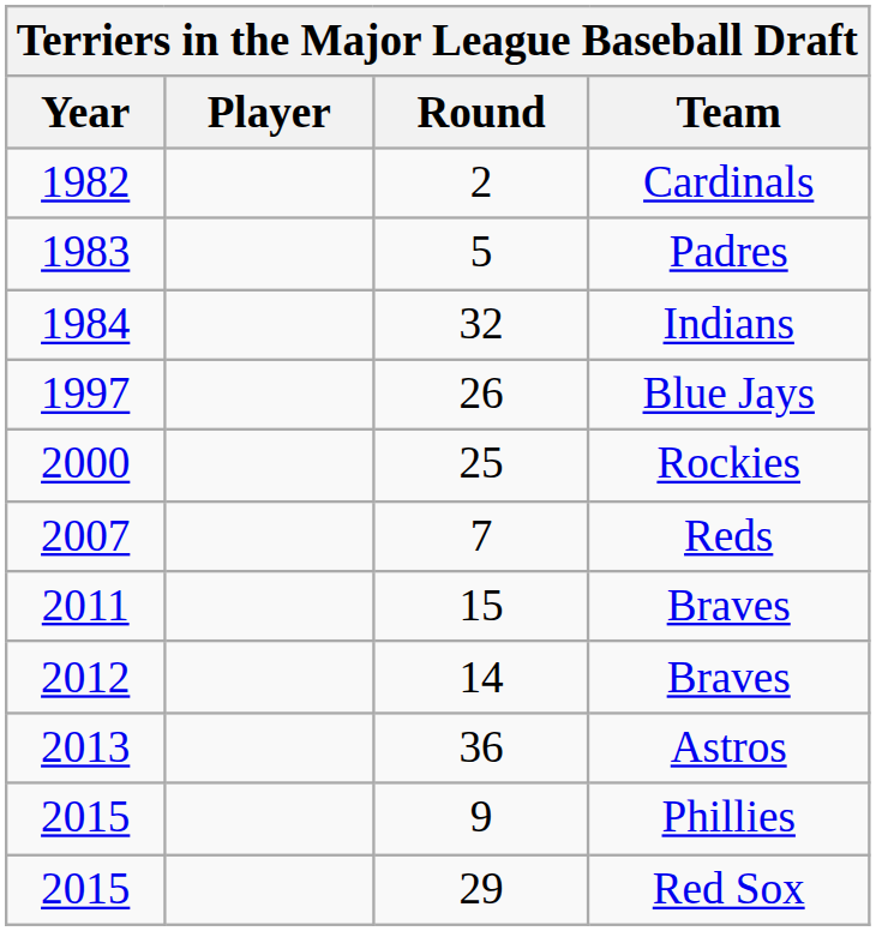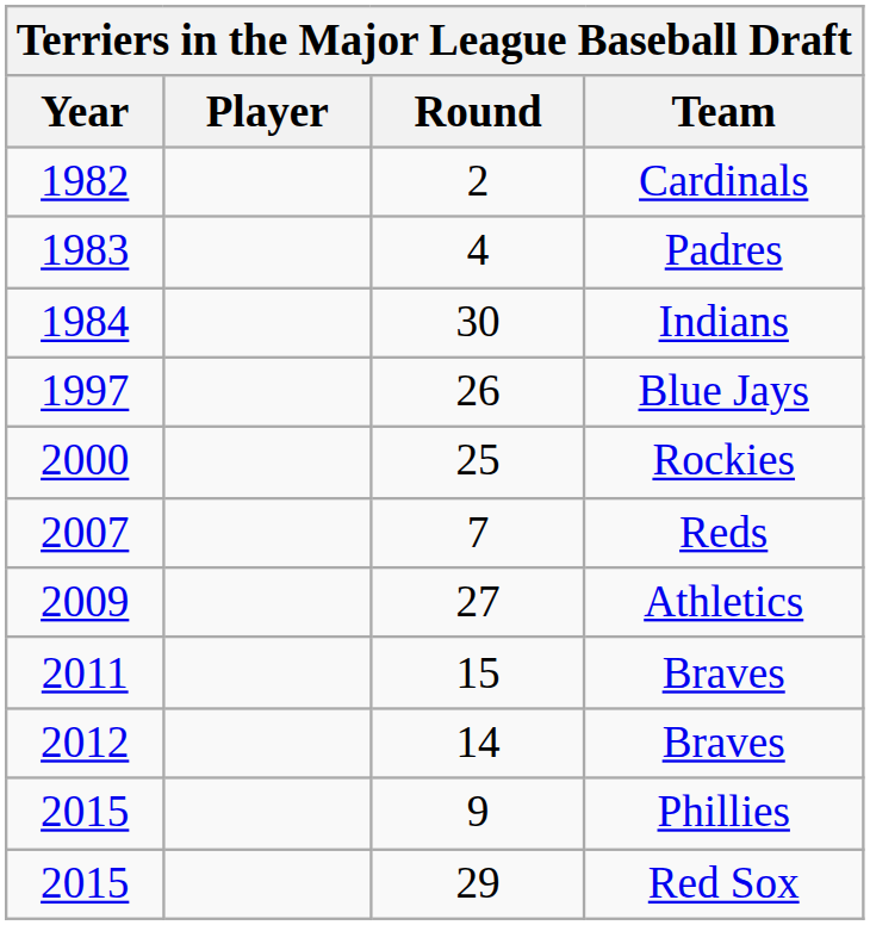 <table class="wikitable sortable collapsible collapsed" style="text-align:center">
 <tr>
 <th colspan=4>Terriers in the Major League Baseball Draft</th>
 </tr>
 <tr>
 <th>Year</th>
 <th>Player</th>
 <th>Round</th>
 <th>Team</th>
 </tr>
 <tr>
 <td><a href='#'>1982</a></td>
 <td></td>
 <td>2</td>
 <td><a href='#'>Cardinals</a></td>
 </tr>
 <tr>
 <td><a href='#'>1983</a></td>
 <td></td>
-<td>5</td>
+<td>4</td>
 <td><a href='#'>Padres</a></td>
 </tr>
 <tr>
 <td><a href='#'>1984</a></td>
 <td></td>
-<td>32</td>
+<td>30</td>
 <td><a href='#'>Indians</a></td>
 </tr>
 <tr>
 <td><a href='#'>1997</a></td>
 <td></td>
 <td>26</td>
 <td><a href='#'>Blue Jays</a></td>
 </tr>
 <tr>
 <td><a href='#'>2000</a></td>
 <td></td>
 <td>25</td>
 <td><a href='#'>Rockies</a></td>
 </tr>
 <tr>
 <td><a href='#'>2007</a></td>
 <td></td>
 <td>7</td>
 <td><a href='#'>Reds</a></td>
 </tr>
 <tr>
+<td><a href='#'>2009</a></td>
+<td></td>
+<td>27</td>
+<td><a href='#'>Athletics</a></td>
+</tr>
+<tr>
 <td><a href='#'>2011</a></td>
 <td></td>
 <td>15</td>
 <td><a href='#'>Braves</a></td>
 </tr>
 <tr>
 <td><a href='#'>2012</a></td>
 <td></td>
 <td>14</td>
 <td><a href='#'>Braves</a></td>
-</tr>
-<tr>
-<td><a href='#'>2013</a></td>
-<td></td>
-<td>36</td>
-<td><a href='#'>Astros</a></td>
 </tr>
 <tr>
 <td><a href='#'>2015</a></td>
 <td></td>
 <td>9</td>
 <td><a href='#'>Phillies</a></td>
 </tr>
 <tr>
 <td><a href='#'>2015</a></td>
 <td></td>
 <td>29</td>
 <td><a href='#'>Red Sox</a></td>
 </tr>
 </table>
